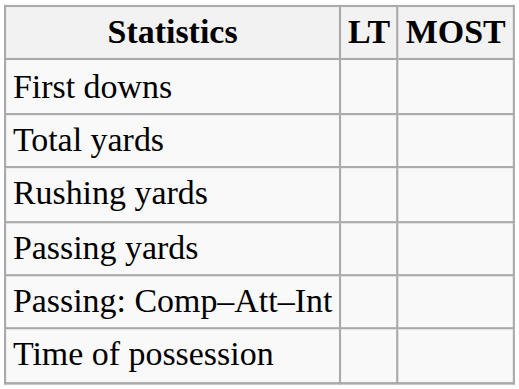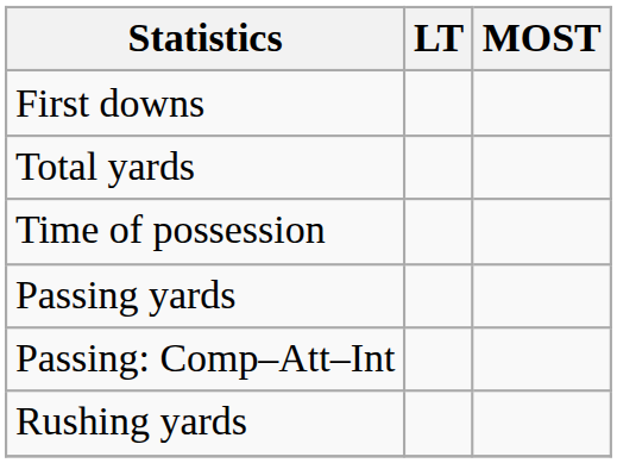 <table class="wikitable" style="float: left;">
 <tr>
 <th>Statistics</th>
 <th>LT</th>
 <th>MOST</th>
 </tr>
 <tr>
 <td>First downs</td>
 <td></td>
 <td></td>
 </tr>
 <tr>
 <td>Total yards</td>
 <td></td>
 <td></td>
 </tr>
 <tr>
-<td>Rushing yards</td>
+<td>Time of possession</td>
 <td></td>
 <td></td>
 </tr>
 <tr>
 <td>Passing yards</td>
 <td></td>
 <td></td>
 </tr>
 <tr>
 <td>Passing: Comp–Att–Int</td>
 <td></td>
 <td></td>
 </tr>
 <tr>
-<td>Time of possession</td>
+<td>Rushing yards</td>
 <td></td>
 <td></td>
 </tr>
 <tr>
 </tr>
 </table>
